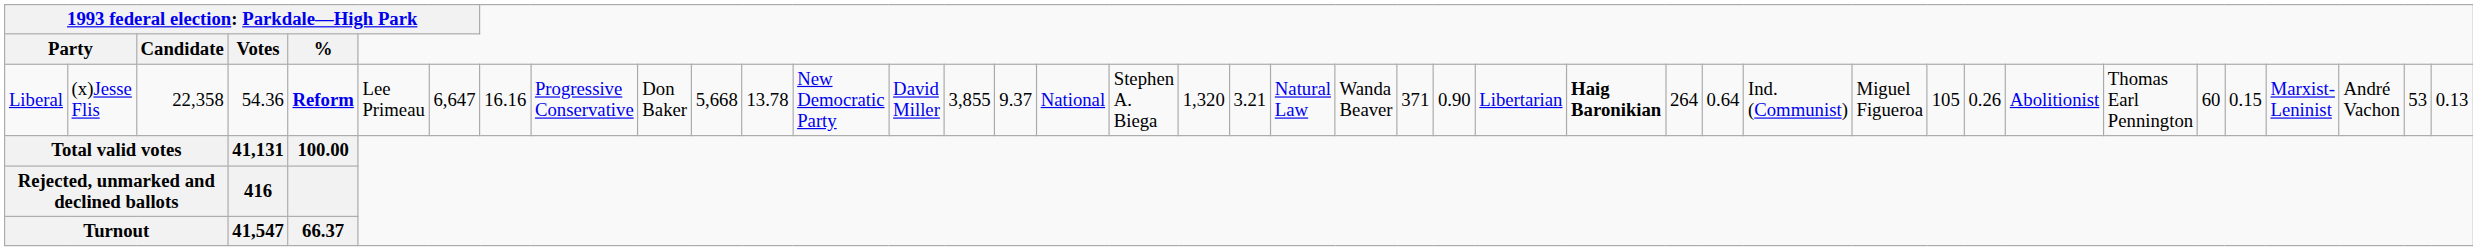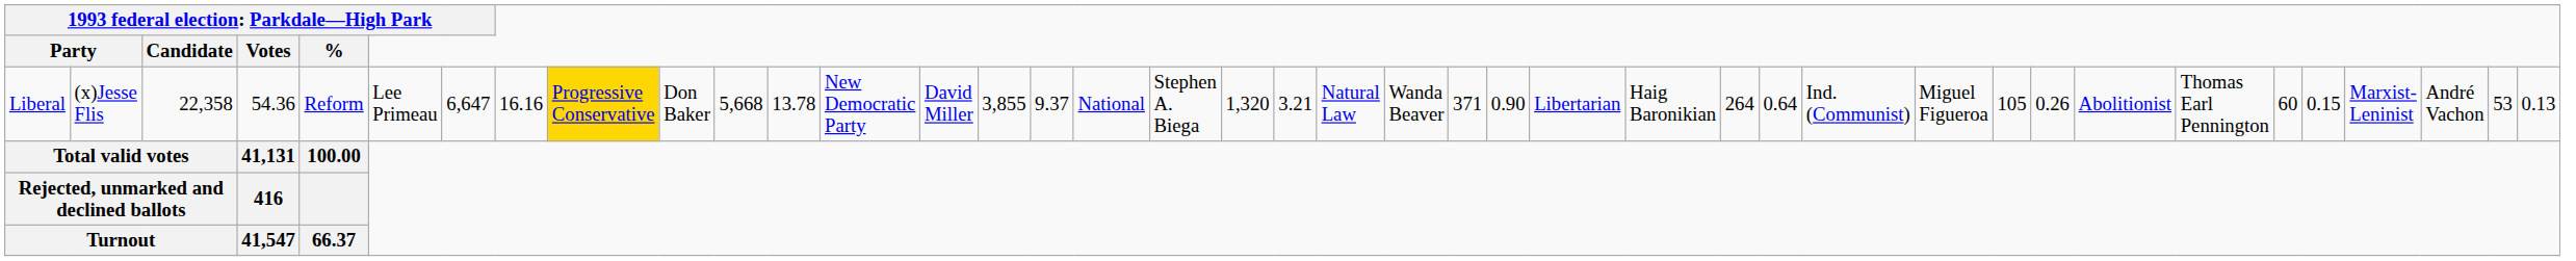 <table class="wikitable">
 <tr>
 <th colspan=7><a href='#'>1993 federal election</a>: <a href='#'>Parkdale—High Park</a></th>
 </tr>
 <tr>
 <th colspan=2 style="width: 182px">Party</th>
 <th style="width: 170px">Candidate</th>
 <th style="width: 50px">Votes</th>
 <th style="width: 40px">%</th>
 </tr>
 <tr>
 <td><a href='#'>Liberal</a></td>
 <td>(x)<a href='#'>Jesse Flis</a></td>
 <td align="right">22,358</td>
 <td align="right">54.36<br></td>
-<td><strong><a href='#'>Reform</a></strong></td>
+<td><a href='#'>Reform</a></td>
 <td>Lee Primeau</td>
 <td align="right">6,647</td>
 <td align="right">16.16<br></td>
-<td><a href='#'>Progressive Conservative</a></td>
+<td style="background: gold;"><a href='#'>Progressive Conservative</a></td>
 <td>Don Baker</td>
 <td align="right">5,668</td>
 <td align="right">13.78<br></td>
 <td><a href='#'>New Democratic Party</a></td>
 <td><a href='#'>David Miller</a></td>
 <td align="right">3,855</td>
 <td align="right">9.37<br></td>
 <td><a href='#'>National</a></td>
 <td>Stephen A. Biega</td>
 <td align="right">1,320</td>
 <td align="right">3.21<br> </td>
 <td><a href='#'>Natural Law</a></td>
 <td>Wanda Beaver</td>
 <td align="right">371</td>
 <td align="right">0.90<br></td>
 <td><a href='#'>Libertarian</a></td>
-<td><strong>Haig Baronikian</strong></td>
+<td>Haig Baronikian</td>
 <td align="right">264</td>
 <td align="right">0.64<br></td>
 <td>Ind. (<a href='#'>Communist</a>)</td>
 <td>Miguel Figueroa</td>
 <td align="right">105</td>
 <td align="right">0.26<br></td>
 <td><a href='#'>Abolitionist</a></td>
 <td>Thomas Earl Pennington</td>
 <td align="right">60</td>
 <td align="right">0.15<br></td>
 <td><a href='#'>Marxist-Leninist</a></td>
 <td>André Vachon</td>
 <td align="right">53</td>
 <td align="right">0.13</td>
 </tr>
 <tr bgcolor="white">
 <th align="right" colspan=3>Total valid votes</th>
 <th align="right">41,131</th>
 <th align="right">100.00</th>
 </tr>
 <tr bgcolor="white">
 <th align="right" colspan=3>Rejected, unmarked and declined ballots</th>
 <th align="right">416</th>
 <th align="right"></th>
 </tr>
 <tr bgcolor="white">
 <th align="right" colspan=3>Turnout</th>
 <th align="right">41,547</th>
 <th align="right">66.37</th>
 </tr>
 </table>
